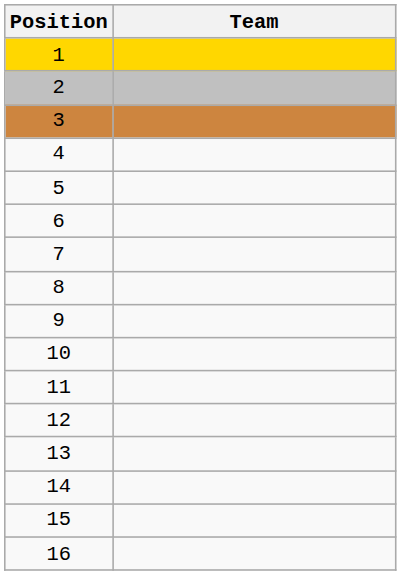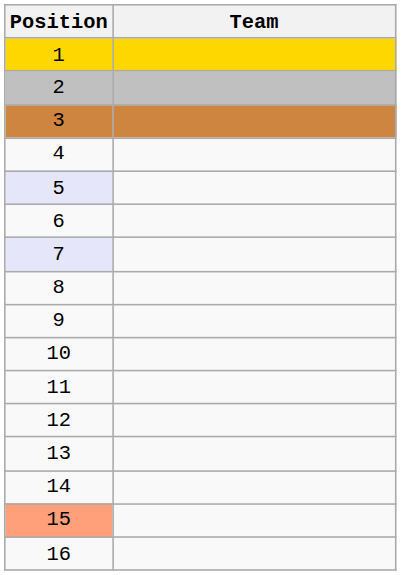 <table class="wikitable" style="width:250px;">
 <tr>
 <th>Position</th>
 <th width=200>Team</th>
 </tr>
 <tr style="background:gold;">
 <td align=center>1</td>
 <td></td>
 </tr>
 <tr style="background:silver;">
 <td align=center>2</td>
 <td></td>
 </tr>
 <tr style="background:peru;">
 <td align=center>3</td>
 <td></td>
 </tr>
 <tr>
 <td align=center>4</td>
 <td></td>
 </tr>
 <tr>
-<td align=center>5</td>
+<td align=center style="background: lavender;">5</td>
 <td></td>
 </tr>
 <tr>
 <td align=center>6</td>
 <td></td>
 </tr>
 <tr>
-<td align=center>7</td>
+<td align=center style="background: lavender;">7</td>
 <td></td>
 </tr>
 <tr>
 <td align=center>8</td>
 <td></td>
 </tr>
 <tr>
 <td align=center>9</td>
 <td></td>
 </tr>
 <tr>
 <td align=center>10</td>
 <td></td>
 </tr>
 <tr>
 <td align=center>11</td>
 <td></td>
 </tr>
 <tr>
 <td align=center>12</td>
 <td></td>
 </tr>
 <tr>
 <td align=center>13</td>
 <td></td>
 </tr>
 <tr>
 <td align=center>14</td>
 <td></td>
 </tr>
 <tr>
-<td align=center>15</td>
+<td align=center style="background: lightsalmon;">15</td>
 <td></td>
 </tr>
 <tr>
 <td align=center>16</td>
 <td></td>
 </tr>
 </table>
